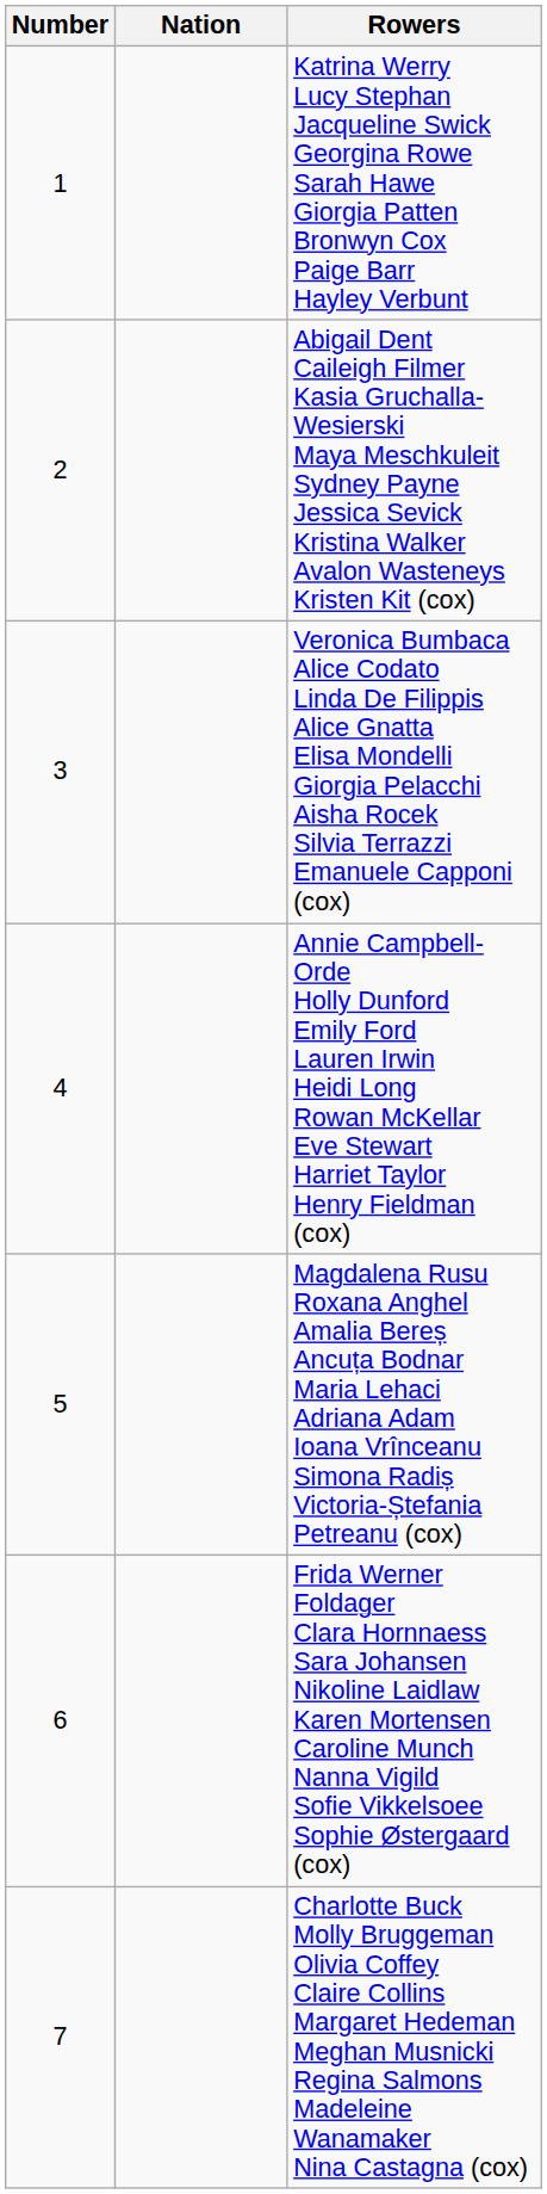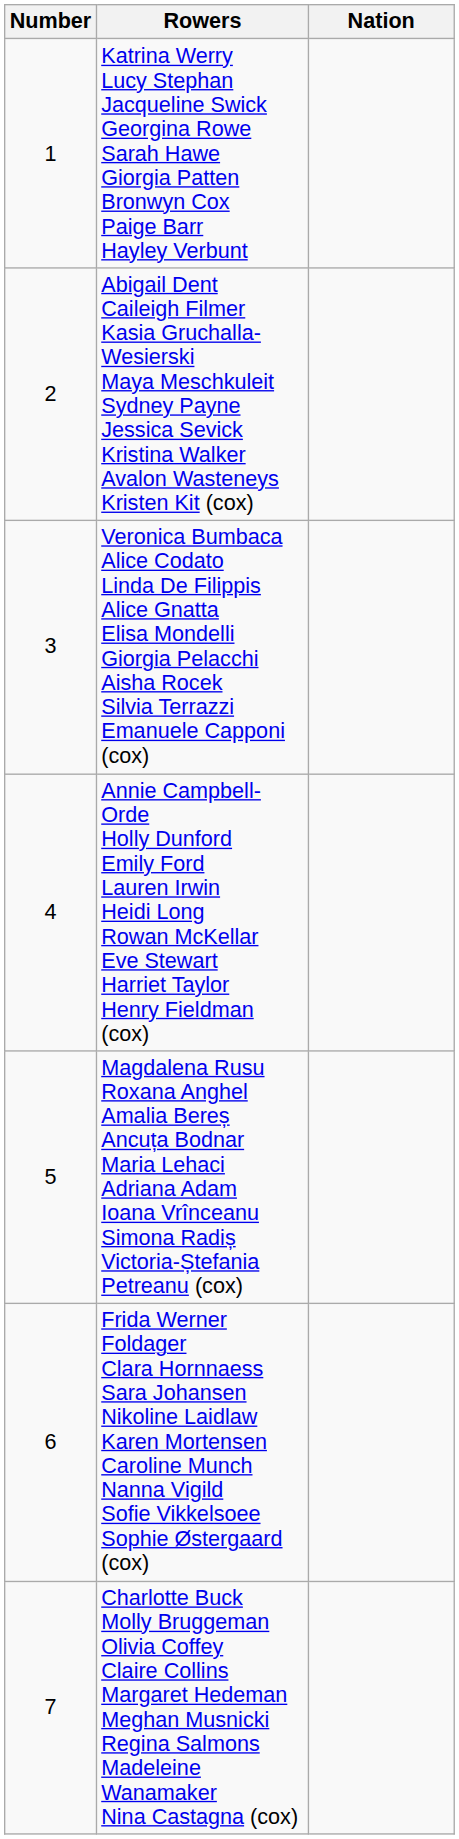 <table class="wikitable sortable" style="text-align:center;">
 <tr>
 <th width=5>Number</th>
+<th width=150>Rowers</th>
 <th width=100>Nation</th>
-<th width=150>Rowers</th>
 </tr>
 <tr>
 <td align=center>1</td>
+<td align=left><a href='#'>Katrina Werry</a><br><a href='#'>Lucy Stephan</a><br><a href='#'>Jacqueline Swick</a><br><a href='#'>Georgina Rowe</a><br><a href='#'>Sarah Hawe</a><br><a href='#'>Giorgia Patten</a><br><a href='#'>Bronwyn Cox</a><br><a href='#'>Paige Barr</a><br><a href='#'>Hayley Verbunt</a></td>
 <td align=left></td>
-<td align=left><a href='#'>Katrina Werry</a><br><a href='#'>Lucy Stephan</a><br><a href='#'>Jacqueline Swick</a><br><a href='#'>Georgina Rowe</a><br><a href='#'>Sarah Hawe</a><br><a href='#'>Giorgia Patten</a><br><a href='#'>Bronwyn Cox</a><br><a href='#'>Paige Barr</a><br><a href='#'>Hayley Verbunt</a></td>
 </tr>
 <tr>
 <td align=center>2</td>
+<td align=left><a href='#'>Abigail Dent</a><br><a href='#'>Caileigh Filmer</a><br><a href='#'>Kasia Gruchalla-Wesierski</a><br><a href='#'>Maya Meschkuleit</a><br><a href='#'>Sydney Payne</a><br><a href='#'>Jessica Sevick</a><br><a href='#'>Kristina Walker</a><br><a href='#'>Avalon Wasteneys</a><br><a href='#'>Kristen Kit</a> (cox)</td>
 <td align=left></td>
-<td align=left><a href='#'>Abigail Dent</a><br><a href='#'>Caileigh Filmer</a><br><a href='#'>Kasia Gruchalla-Wesierski</a><br><a href='#'>Maya Meschkuleit</a><br><a href='#'>Sydney Payne</a><br><a href='#'>Jessica Sevick</a><br><a href='#'>Kristina Walker</a><br><a href='#'>Avalon Wasteneys</a><br><a href='#'>Kristen Kit</a> (cox)</td>
 </tr>
 <tr>
 <td align=center>3</td>
+<td align=left><a href='#'>Veronica Bumbaca</a><br><a href='#'>Alice Codato</a><br><a href='#'>Linda De Filippis</a><br><a href='#'>Alice Gnatta</a><br><a href='#'>Elisa Mondelli</a><br><a href='#'>Giorgia Pelacchi</a><br><a href='#'>Aisha Rocek</a><br><a href='#'>Silvia Terrazzi</a><br><a href='#'>Emanuele Capponi</a> (cox)</td>
 <td align=left></td>
-<td align=left><a href='#'>Veronica Bumbaca</a><br><a href='#'>Alice Codato</a><br><a href='#'>Linda De Filippis</a><br><a href='#'>Alice Gnatta</a><br><a href='#'>Elisa Mondelli</a><br><a href='#'>Giorgia Pelacchi</a><br><a href='#'>Aisha Rocek</a><br><a href='#'>Silvia Terrazzi</a><br><a href='#'>Emanuele Capponi</a> (cox)</td>
 </tr>
 <tr>
 <td align=center>4</td>
+<td align=left><a href='#'>Annie Campbell-Orde</a><br><a href='#'>Holly Dunford</a><br><a href='#'>Emily Ford</a><br><a href='#'>Lauren Irwin</a><br><a href='#'>Heidi Long</a><br><a href='#'>Rowan McKellar</a><br><a href='#'>Eve Stewart</a><br><a href='#'>Harriet Taylor</a><br><a href='#'>Henry Fieldman</a> (cox)</td>
 <td align=left></td>
-<td align=left><a href='#'>Annie Campbell-Orde</a><br><a href='#'>Holly Dunford</a><br><a href='#'>Emily Ford</a><br><a href='#'>Lauren Irwin</a><br><a href='#'>Heidi Long</a><br><a href='#'>Rowan McKellar</a><br><a href='#'>Eve Stewart</a><br><a href='#'>Harriet Taylor</a><br><a href='#'>Henry Fieldman</a> (cox)</td>
 </tr>
 <tr>
 <td align=center>5</td>
+<td align=left><a href='#'>Magdalena Rusu</a><br><a href='#'>Roxana Anghel</a><br><a href='#'>Amalia Bereș</a><br><a href='#'>Ancuța Bodnar</a><br><a href='#'>Maria Lehaci</a><br><a href='#'>Adriana Adam</a><br><a href='#'>Ioana Vrînceanu</a><br><a href='#'>Simona Radiș</a><br><a href='#'>Victoria-Ștefania Petreanu</a> (cox)</td>
 <td align=left></td>
-<td align=left><a href='#'>Magdalena Rusu</a><br><a href='#'>Roxana Anghel</a><br><a href='#'>Amalia Bereș</a><br><a href='#'>Ancuța Bodnar</a><br><a href='#'>Maria Lehaci</a><br><a href='#'>Adriana Adam</a><br><a href='#'>Ioana Vrînceanu</a><br><a href='#'>Simona Radiș</a><br><a href='#'>Victoria-Ștefania Petreanu</a> (cox)</td>
 </tr>
 <tr>
 <td align=center>6</td>
+<td align=left><a href='#'>Frida Werner Foldager</a><br><a href='#'>Clara Hornnaess</a><br><a href='#'>Sara Johansen</a><br><a href='#'>Nikoline Laidlaw</a><br><a href='#'>Karen Mortensen</a><br><a href='#'>Caroline Munch</a><br><a href='#'>Nanna Vigild</a><br><a href='#'>Sofie Vikkelsoee</a><br><a href='#'>Sophie Østergaard</a> (cox)</td>
 <td align=left></td>
-<td align=left><a href='#'>Frida Werner Foldager</a><br><a href='#'>Clara Hornnaess</a><br><a href='#'>Sara Johansen</a><br><a href='#'>Nikoline Laidlaw</a><br><a href='#'>Karen Mortensen</a><br><a href='#'>Caroline Munch</a><br><a href='#'>Nanna Vigild</a><br><a href='#'>Sofie Vikkelsoee</a><br><a href='#'>Sophie Østergaard</a> (cox)</td>
 </tr>
 <tr>
 <td align=center>7</td>
+<td align=left><a href='#'>Charlotte Buck</a><br><a href='#'>Molly Bruggeman</a><br><a href='#'>Olivia Coffey</a><br><a href='#'>Claire Collins</a><br><a href='#'>Margaret Hedeman</a><br><a href='#'>Meghan Musnicki</a><br><a href='#'>Regina Salmons</a><br><a href='#'>Madeleine Wanamaker</a><br><a href='#'>Nina Castagna</a> (cox)</td>
 <td align=left></td>
-<td align=left><a href='#'>Charlotte Buck</a><br><a href='#'>Molly Bruggeman</a><br><a href='#'>Olivia Coffey</a><br><a href='#'>Claire Collins</a><br><a href='#'>Margaret Hedeman</a><br><a href='#'>Meghan Musnicki</a><br><a href='#'>Regina Salmons</a><br><a href='#'>Madeleine Wanamaker</a><br><a href='#'>Nina Castagna</a> (cox)</td>
 </tr>
 </table>
